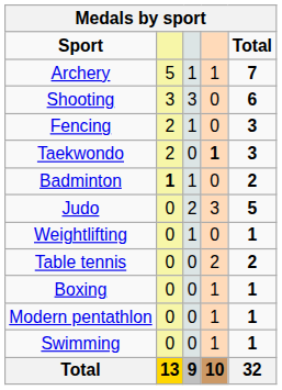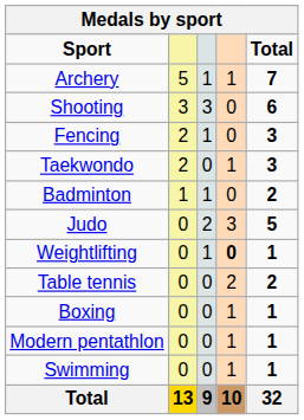 <table class="wikitable" style=font-size:85%;float:center;text-align:center>
 <tr style="background:#efefef;">
 <th colspan=5><strong>Medals by sport</strong></th>
 </tr>
 <tr align=center>
 <td><strong>Sport</strong></td>
 <td bgcolor=#f7f6a8></td>
 <td bgcolor=#dce5e5></td>
 <td bgcolor=#ffdab9></td>
 <td><strong>Total</strong></td>
 </tr>
 <tr align=center>
 <td><a href='#'>Archery</a></td>
 <td style="background:#F7F6A8;">5</td>
 <td style="background:#DCE5E5;">1</td>
 <td style="background:#FFDAB9;">1</td>
 <td><strong>7</strong></td>
 </tr>
 <tr align=center>
 <td><a href='#'>Shooting</a></td>
 <td style="background:#F7F6A8;">3</td>
 <td style="background:#DCE5E5;">3</td>
 <td style="background:#FFDAB9;">0</td>
 <td><strong>6</strong></td>
 </tr>
 <tr align=center>
 <td><a href='#'>Fencing</a></td>
 <td style="background:#F7F6A8;">2</td>
 <td style="background:#DCE5E5;">1</td>
 <td style="background:#FFDAB9;">0</td>
 <td><strong>3</strong></td>
 </tr>
 <tr align=center>
 <td><a href='#'>Taekwondo</a></td>
 <td style="background:#F7F6A8;">2</td>
 <td style="background:#DCE5E5;">0</td>
-<td style="background:#FFDAB9;"><strong>1</strong></td>
+<td style="background:#FFDAB9;">1</td>
 <td><strong>3</strong></td>
 </tr>
 <tr align=center>
 <td><a href='#'>Badminton</a></td>
-<td style="background:#F7F6A8;"><strong>1</strong></td>
+<td style="background:#F7F6A8;">1</td>
 <td style="background:#DCE5E5;">1</td>
 <td style="background:#FFDAB9;">0</td>
 <td><strong>2</strong></td>
 </tr>
 <tr align=center>
 <td><a href='#'>Judo</a></td>
 <td style="background:#F7F6A8;">0</td>
 <td style="background:#DCE5E5;">2</td>
 <td style="background:#FFDAB9;">3</td>
 <td><strong>5</strong></td>
 </tr>
 <tr align=center>
 <td><a href='#'>Weightlifting</a></td>
 <td style="background:#F7F6A8;">0</td>
 <td style="background:#DCE5E5;">1</td>
-<td style="background:#FFDAB9;">0</td>
+<td style="background:#FFDAB9;"><strong>0</strong></td>
 <td><strong>1</strong></td>
 </tr>
 <tr align=center>
 <td><a href='#'>Table tennis</a></td>
 <td style="background:#F7F6A8;">0</td>
 <td style="background:#DCE5E5;">0</td>
 <td style="background:#FFDAB9;">2</td>
 <td><strong>2</strong></td>
 </tr>
 <tr align=center>
 <td><a href='#'>Boxing</a></td>
 <td style="background:#F7F6A8;">0</td>
 <td style="background:#DCE5E5;">0</td>
 <td style="background:#FFDAB9;">1</td>
 <td><strong>1</strong></td>
 </tr>
 <tr align=center>
 <td><a href='#'>Modern pentathlon</a></td>
 <td style="background:#F7F6A8;">0</td>
 <td style="background:#DCE5E5;">0</td>
 <td style="background:#FFDAB9;">1</td>
 <td><strong>1</strong></td>
 </tr>
 <tr align=center>
 <td><a href='#'>Swimming</a></td>
 <td style="background:#F7F6A8;">0</td>
 <td style="background:#DCE5E5;">0</td>
 <td style="background:#FFDAB9;">1</td>
 <td><strong>1</strong></td>
 </tr>
 <tr align=center>
 <th><strong>Total</strong></th>
 <th style="background:gold;"><strong>13</strong></th>
 <th style="background:silver;"><strong>9</strong></th>
 <th style="background:#c96;"><strong>10</strong></th>
 <th><strong>32</strong></th>
 </tr>
 </table>
